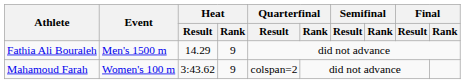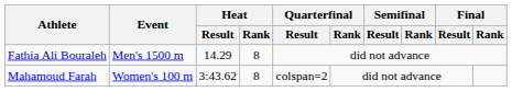 <table class=wikitable style="font-size:90%">
 <tr>
 <th rowspan="2">Athlete</th>
 <th rowspan="2">Event</th>
 <th colspan="2">Heat</th>
 <th colspan="2">Quarterfinal</th>
 <th colspan="2">Semifinal</th>
 <th colspan="2">Final</th>
 </tr>
 <tr style="font-size:95%">
 <th>Result</th>
 <th>Rank</th>
 <th>Result</th>
 <th>Rank</th>
 <th>Result</th>
 <th>Rank</th>
 <th>Result</th>
 <th>Rank</th>
 </tr>
 <tr align=center>
 <td align=left><a href='#'>Fathia Ali Bouraleh</a></td>
 <td align=left><a href='#'>Men's 1500 m</a></td>
 <td>14.29</td>
-<td>9</td>
+<td>8</td>
 <td colspan=6>did not advance</td>
 </tr>
 <tr align=center>
 <td align=left><a href='#'>Mahamoud Farah</a></td>
 <td align=left><a href='#'>Women's 100 m</a></td>
 <td>3:43.62</td>
-<td>9</td>
+<td>8</td>
 <td>colspan=2 </td>
 <td colspan=4>did not advance</td>
 </tr>
 </table>
